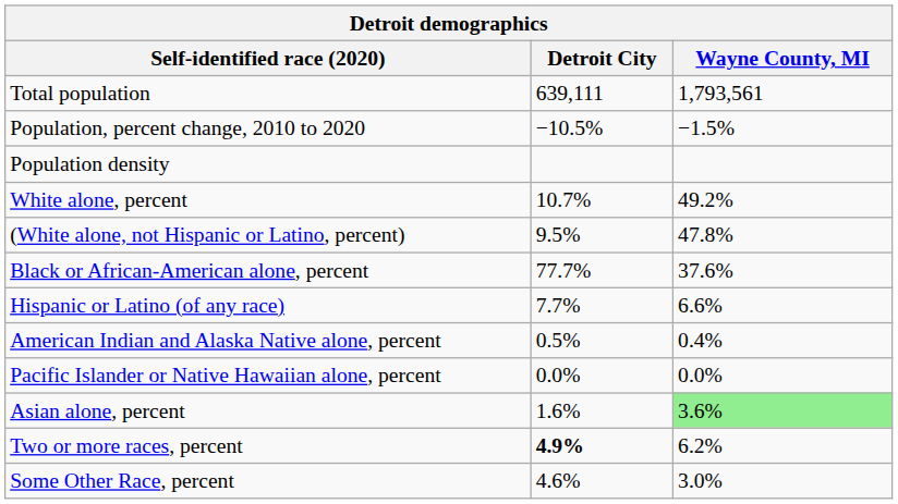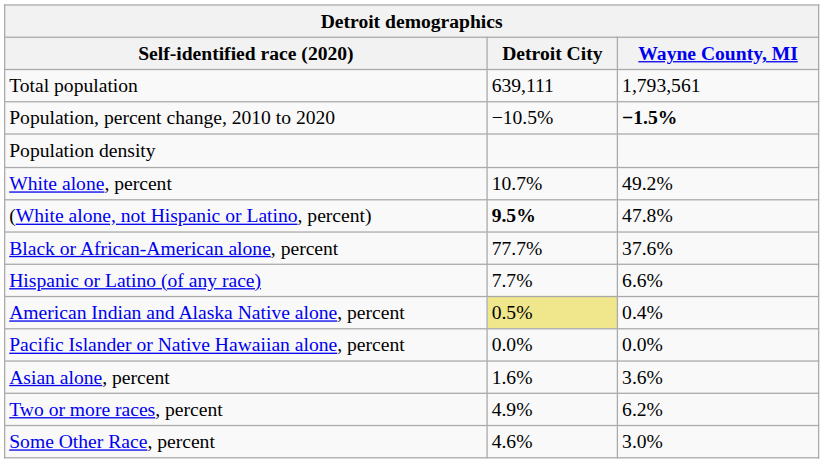 <table class="wikitable" style="float: left; margin-right: 2em; width: 50%; font-size: 95%">
 <tr>
 <th colspan="4">Detroit demographics</th>
 </tr>
 <tr>
 <th>Self-identified race (2020)</th>
 <th>Detroit City</th>
 <th><a href='#'>Wayne County, MI</a></th>
 </tr>
 <tr>
 <td>Total population</td>
 <td>639,111</td>
 <td>1,793,561</td>
 </tr>
 <tr>
 <td>Population, percent change, 2010 to 2020</td>
 <td>−10.5%</td>
-<td>−1.5%</td>
+<td><strong>−1.5%</strong></td>
 </tr>
 <tr>
 <td>Population density</td>
 <td></td>
 <td></td>
 </tr>
 <tr>
 <td><a href='#'>White alone</a>, percent</td>
 <td>10.7% </td>
 <td>49.2% </td>
 </tr>
 <tr>
 <td>(<a href='#'>White alone, not Hispanic or Latino</a>, percent)</td>
-<td>9.5% </td>
+<td><strong>9.5% </strong></td>
 <td>47.8% </td>
 </tr>
 <tr>
 <td><a href='#'>Black or African-American alone</a>, percent</td>
 <td>77.7% </td>
 <td>37.6% </td>
 </tr>
 <tr>
 <td><a href='#'>Hispanic or Latino (of any race)</a></td>
 <td>7.7% </td>
 <td>6.6% </td>
 </tr>
 <tr>
 <td><a href='#'>American Indian and Alaska Native alone</a>, percent</td>
-<td>0.5% </td>
+<td style="background: khaki;">0.5% </td>
 <td>0.4% </td>
 </tr>
 <tr>
 <td><a href='#'>Pacific Islander or Native Hawaiian alone</a>, percent</td>
 <td>0.0%</td>
 <td>0.0%</td>
 </tr>
 <tr>
 <td><a href='#'>Asian alone</a>, percent</td>
 <td>1.6% </td>
-<td style="background: lightgreen;">3.6% </td>
+<td>3.6% </td>
 </tr>
 <tr>
 <td><a href='#'>Two or more races</a>, percent</td>
-<td><strong>4.9% </strong></td>
+<td>4.9% </td>
 <td>6.2% </td>
 </tr>
 <tr>
 <td><a href='#'>Some Other Race</a>, percent</td>
 <td>4.6%</td>
 <td>3.0%</td>
 </tr>
 </table>
